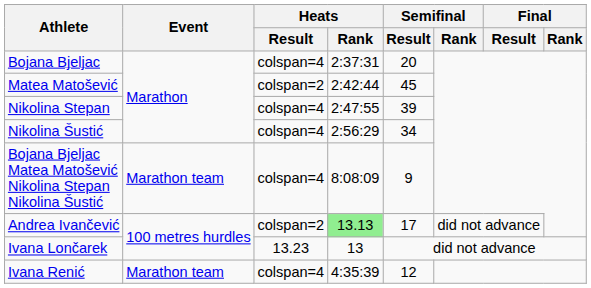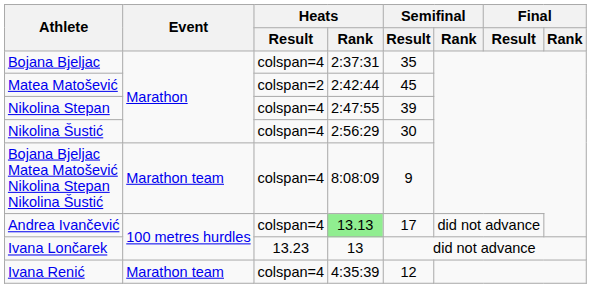 <table class="wikitable" border="1" style="font-size:90%">
 <tr>
 <th rowspan="2">Athlete</th>
 <th rowspan="2">Event</th>
 <th colspan="2">Heats</th>
 <th colspan="2">Semifinal</th>
 <th colspan="2">Final</th>
 </tr>
 <tr>
 <th>Result</th>
 <th>Rank</th>
 <th>Result</th>
 <th>Rank</th>
 <th>Result</th>
 <th>Rank</th>
 </tr>
 <tr align=center>
 <td align=left><a href='#'>Bojana Bjeljac</a></td>
 <td align=left rowspan=4><a href='#'>Marathon</a></td>
 <td>colspan=4</td>
 <td>2:37:31 </td>
-<td>20</td>
+<td>35</td>
 </tr>
 <tr align=center>
 <td align=left><a href='#'>Matea Matošević</a></td>
 <td>colspan=2</td>
 <td>2:42:44 </td>
 <td>45</td>
 </tr>
 <tr align=center>
 <td align=left><a href='#'>Nikolina Stepan</a></td>
 <td>colspan=4</td>
 <td>2:47:55</td>
 <td>39</td>
 </tr>
 <tr align=center>
 <td align=left><a href='#'>Nikolina Šustić</a></td>
 <td>colspan=4</td>
 <td>2:56:29</td>
-<td>34</td>
+<td>30</td>
 </tr>
 <tr align=center>
 <td align=left><a href='#'>Bojana Bjeljac</a><br><a href='#'>Matea Matošević</a><br><a href='#'>Nikolina Stepan</a><br><a href='#'>Nikolina Šustić</a></td>
 <td align=left><a href='#'>Marathon team</a></td>
 <td>colspan=4</td>
 <td>8:08:09</td>
 <td>9</td>
 </tr>
 <tr align=center>
 <td align=left><a href='#'>Andrea Ivančević</a></td>
 <td align=left rowspan=2><a href='#'>100 metres hurdles</a></td>
-<td>colspan=2</td>
+<td>colspan=4</td>
 <td style="background: lightgreen;">13.13</td>
 <td>17</td>
 <td colspan=2>did not advance</td>
 </tr>
 <tr align=center>
 <td align=left><a href='#'>Ivana Lončarek</a></td>
 <td>13.23</td>
 <td>13</td>
 <td colspan=4>did not advance</td>
 </tr>
 <tr align=center>
 <td align=left><a href='#'>Ivana Renić</a></td>
 <td align=left><a href='#'>Marathon team</a></td>
 <td>colspan=4</td>
 <td>4:35:39 </td>
 <td>12</td>
 </tr>
 </table>
